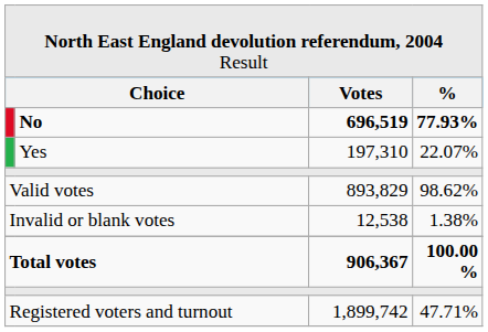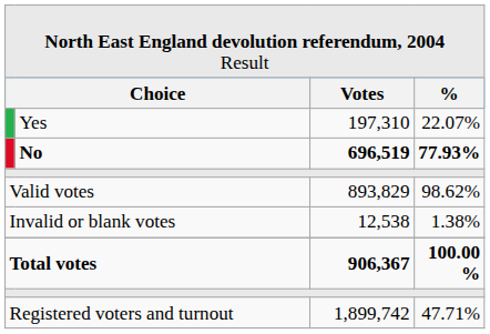 <table class="wikitable" style="text-align:right; font-size:100%;">
 <tr>
 <td colspan="4" bgcolor="#E9E9E9" align="center"><br><strong>North East England devolution referendum, 2004</strong> <br>Result</td>
 </tr>
 <tr bgcolor="#09a8ff" align="center">
 <th align="left" colspan="2" width="250">Choice</th>
 <th width="80">Votes</th>
 <th width="50">%</th>
 </tr>
 <tr>
+<td width="1" bgcolor="#24B14C"></td>
+<td align="left">Yes</td>
+<td>197,310</td>
+<td>22.07%</td>
+</tr>
+<tr>
 <td bgcolor="#DF0A24"></td>
 <td align="left"><strong>No</strong></td>
 <td><strong>696,519</strong></td>
 <td><strong>77.93%</strong></td>
-</tr>
-<tr>
-<td width="1" bgcolor="#24B14C"></td>
-<td align="left">Yes</td>
-<td>197,310</td>
-<td>22.07%</td>
 </tr>
 <tr>
 <td colspan="4" bgcolor="#E9E9E9"></td>
 </tr>
 <tr>
 <td align="left" colspan="2">Valid votes</td>
 <td>893,829</td>
 <td>98.62%</td>
 </tr>
 <tr>
 <td align="left" colspan="2">Invalid or blank votes</td>
 <td>12,538</td>
 <td>1.38%</td>
 </tr>
 <tr style="font-weight:bold;">
 </tr>
 <tr>
 <td align="left" colspan="2"><strong>Total votes</strong></td>
 <td><strong>906,367</strong></td>
 <td><strong>100.00 %</strong></td>
 </tr>
 <tr>
 <td colspan="4" bgcolor="#E9E9E9"></td>
 </tr>
 <tr>
 <td align="left" colspan="2">Registered voters and turnout</td>
 <td>1,899,742</td>
 <td>47.71%</td>
 </tr>
 <tr>
 </tr>
 </table>
